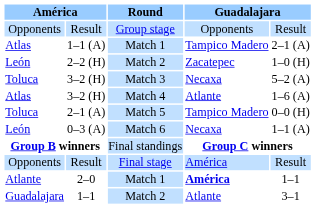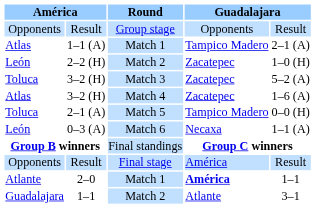 <table style="text-align:center">
 <tr style="vertical-align:top;background:#99CCFF">
 <th colspan="2">América</th>
 <th>Round</th>
 <th colspan="2">Guadalajara</th>
 </tr>
 <tr style="vertical-align:top;background:#C1E0FF">
 <td>Opponents</td>
 <td>Result</td>
 <td><a href='#'>Group stage</a></td>
 <td>Opponents</td>
 <td>Result</td>
 </tr>
 <tr>
 <td style="text-align:left"><a href='#'>Atlas</a></td>
 <td>1–1 (A)</td>
 <td style="background:#C1E0FF">Match 1</td>
 <td style="text-align:left"><a href='#'>Tampico Madero</a></td>
 <td>2–1 (A)</td>
 </tr>
 <tr>
 <td style="text-align:left"><a href='#'>León</a></td>
 <td>2–2 (H)</td>
 <td style="background:#C1E0FF">Match 2</td>
 <td style="text-align:left"><a href='#'>Zacatepec</a></td>
 <td>1–0 (H)</td>
 </tr>
 <tr>
 <td style="text-align:left"><a href='#'>Toluca</a></td>
 <td>3–2 (H)</td>
 <td style="background:#C1E0FF">Match 3</td>
-<td style="text-align:left"><a href='#'>Necaxa</a></td>
+<td style="text-align:left"><a href='#'>Zacatepec</a></td>
 <td>5–2 (A)</td>
 </tr>
 <tr>
 <td style="text-align:left"><a href='#'>Atlas</a></td>
 <td>3–2 (H)</td>
 <td style="background:#C1E0FF">Match 4</td>
-<td style="text-align:left"><a href='#'>Atlante</a></td>
+<td style="text-align:left"><a href='#'>Zacatepec</a></td>
 <td>1–6 (A)</td>
 </tr>
 <tr>
 <td style="text-align:left"><a href='#'>Toluca</a></td>
 <td>2–1 (A)</td>
 <td style="background:#C1E0FF">Match 5</td>
 <td style="text-align:left"><a href='#'>Tampico Madero</a></td>
 <td>0–0 (H)</td>
 </tr>
 <tr>
 <td style="text-align:left"><a href='#'>León</a></td>
 <td>0–3 (A)</td>
 <td style="background:#C1E0FF">Match 6</td>
 <td style="text-align:left"><a href='#'>Necaxa</a></td>
 <td>1–1 (A)</td>
 </tr>
 <tr>
 <td colspan="2" style="text-align:center"><strong><a href='#'>Group B</a> winners</strong><br><div> </div></td>
 <td style="background:#C1E0FF">Final standings</td>
 <td colspan="2" style="text-align:center"><strong><a href='#'>Group C</a> winners</strong><br><div> </div></td>
 </tr>
 <tr style="vertical-align:top;background:#C1E0FF">
 <td>Opponents</td>
 <td>Result</td>
 <td><a href='#'>Final stage</a></td>
 <td style="text-align:left"><a href='#'>América</a></td>
 <td>Result</td>
 </tr>
 <tr>
 <td style="text-align:left"><a href='#'>Atlante</a></td>
 <td>2–0</td>
 <td style="background:#C1E0FF">Match 1</td>
 <td style="text-align:left"><strong><a href='#'>América</a></strong></td>
 <td>1–1</td>
 </tr>
 <tr>
 <td style="text-align:left"><a href='#'>Guadalajara</a></td>
 <td>1–1</td>
 <td style="background:#C1E0FF">Match 2</td>
 <td style="text-align:left"><a href='#'>Atlante</a></td>
 <td>3–1</td>
 </tr>
 <tr>
 </tr>
 </table>
